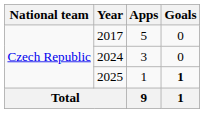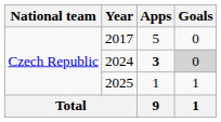 <table class="wikitable" style="text-align:center">
 <tr>
 <th>National team</th>
 <th>Year</th>
 <th>Apps</th>
 <th>Goals</th>
 </tr>
 <tr>
 <td rowspan="3"><a href='#'>Czech Republic</a></td>
 <td>2017</td>
 <td>5</td>
 <td>0</td>
 </tr>
 <tr>
 <td>2024</td>
-<td>3</td>
-<td>0</td>
+<td><strong>3</strong></td>
+<td style="background: lightgrey;">0</td>
 </tr>
 <tr>
 <td>2025</td>
 <td>1</td>
-<td><strong>1</strong></td>
+<td>1</td>
 </tr>
 <tr>
 <th colspan="2">Total</th>
 <th>9</th>
 <th>1</th>
 </tr>
 </table>
